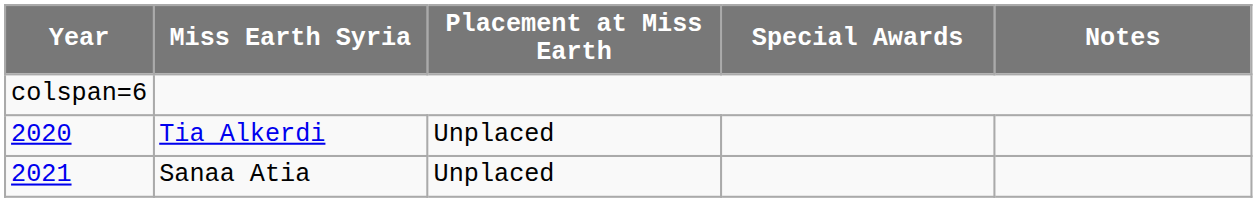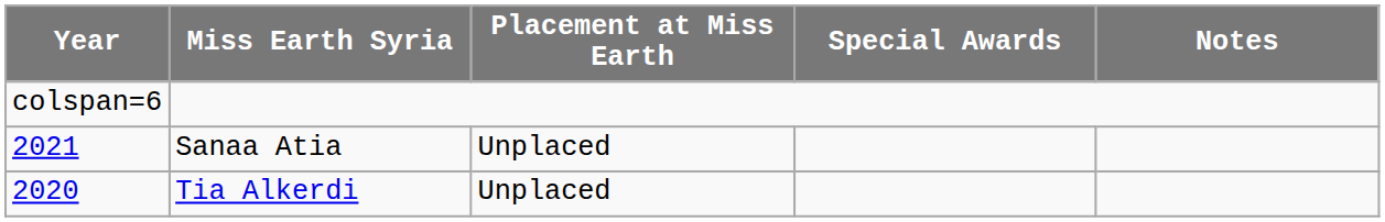 <table class="wikitable " style="font-size: 95%;">
 <tr>
 <th width="60" style="background-color:#787878;color:#FFFFFF;">Year</th>
 <th width="250" style="background-color:#787878;color:#FFFFFF;">Miss Earth Syria</th>
 <th width="250" style="background-color:#787878;color:#FFFFFF;">Placement at Miss Earth</th>
 <th width="250" style="background-color:#787878;color:#FFFFFF;">Special Awards</th>
 <th width="250" style="background-color:#787878;color:#FFFFFF;">Notes</th>
 </tr>
 <tr>
 <td>colspan=6 </td>
 </tr>
 <tr>
+<td><a href='#'>2021</a></td>
+<td>Sanaa Atia</td>
+<td>Unplaced</td>
+<td></td>
+<td></td>
+</tr>
+<tr>
 <td><a href='#'>2020</a></td>
 <td><a href='#'>Tia Alkerdi</a></td>
 <td>Unplaced</td>
 <td></td>
 <td></td>
 </tr>
-<tr>
-<td><a href='#'>2021</a></td>
-<td>Sanaa Atia</td>
-<td>Unplaced</td>
-<td></td>
-<td></td>
-</tr>
 </table>
